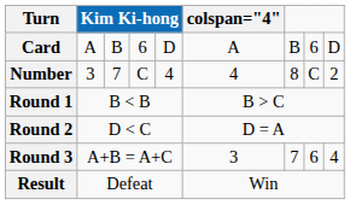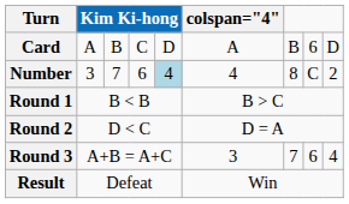 <table class="wikitable" style="text-align:center">
 <tr>
 <th>Turn</th>
 <th colspan="4" style="background-color:#0B6DB7; color:white">Kim Ki-hong</th>
 <th>colspan="4"  </th>
 </tr>
 <tr>
 <th>Card</th>
 <td>A</td>
 <td>B</td>
-<td>6</td>
+<td>C</td>
 <td>D</td>
 <td>A</td>
 <td>B</td>
 <td>6</td>
 <td>D</td>
 </tr>
 <tr>
 <th>Number</th>
 <td>3</td>
 <td>7</td>
-<td>C</td>
-<td>4</td>
+<td>6</td>
+<td style="background: lightblue;">4</td>
 <td>4</td>
 <td>8</td>
 <td>C</td>
 <td>2</td>
 </tr>
 <tr>
 <th>Round 1</th>
 <td colspan="4">B < B</td>
 <td colspan="4">B > C</td>
 </tr>
 <tr>
 <th>Round 2</th>
 <td colspan="4">D < C</td>
 <td colspan="4">D = A</td>
 </tr>
 <tr>
 <th>Round 3</th>
 <td colspan="4">A+B = A+C</td>
 <td>3</td>
 <td>7</td>
 <td>6</td>
 <td>4</td>
 </tr>
 <tr>
 <th>Result</th>
 <td colspan="4">Defeat</td>
 <td colspan="4">Win</td>
 </tr>
 </table>
